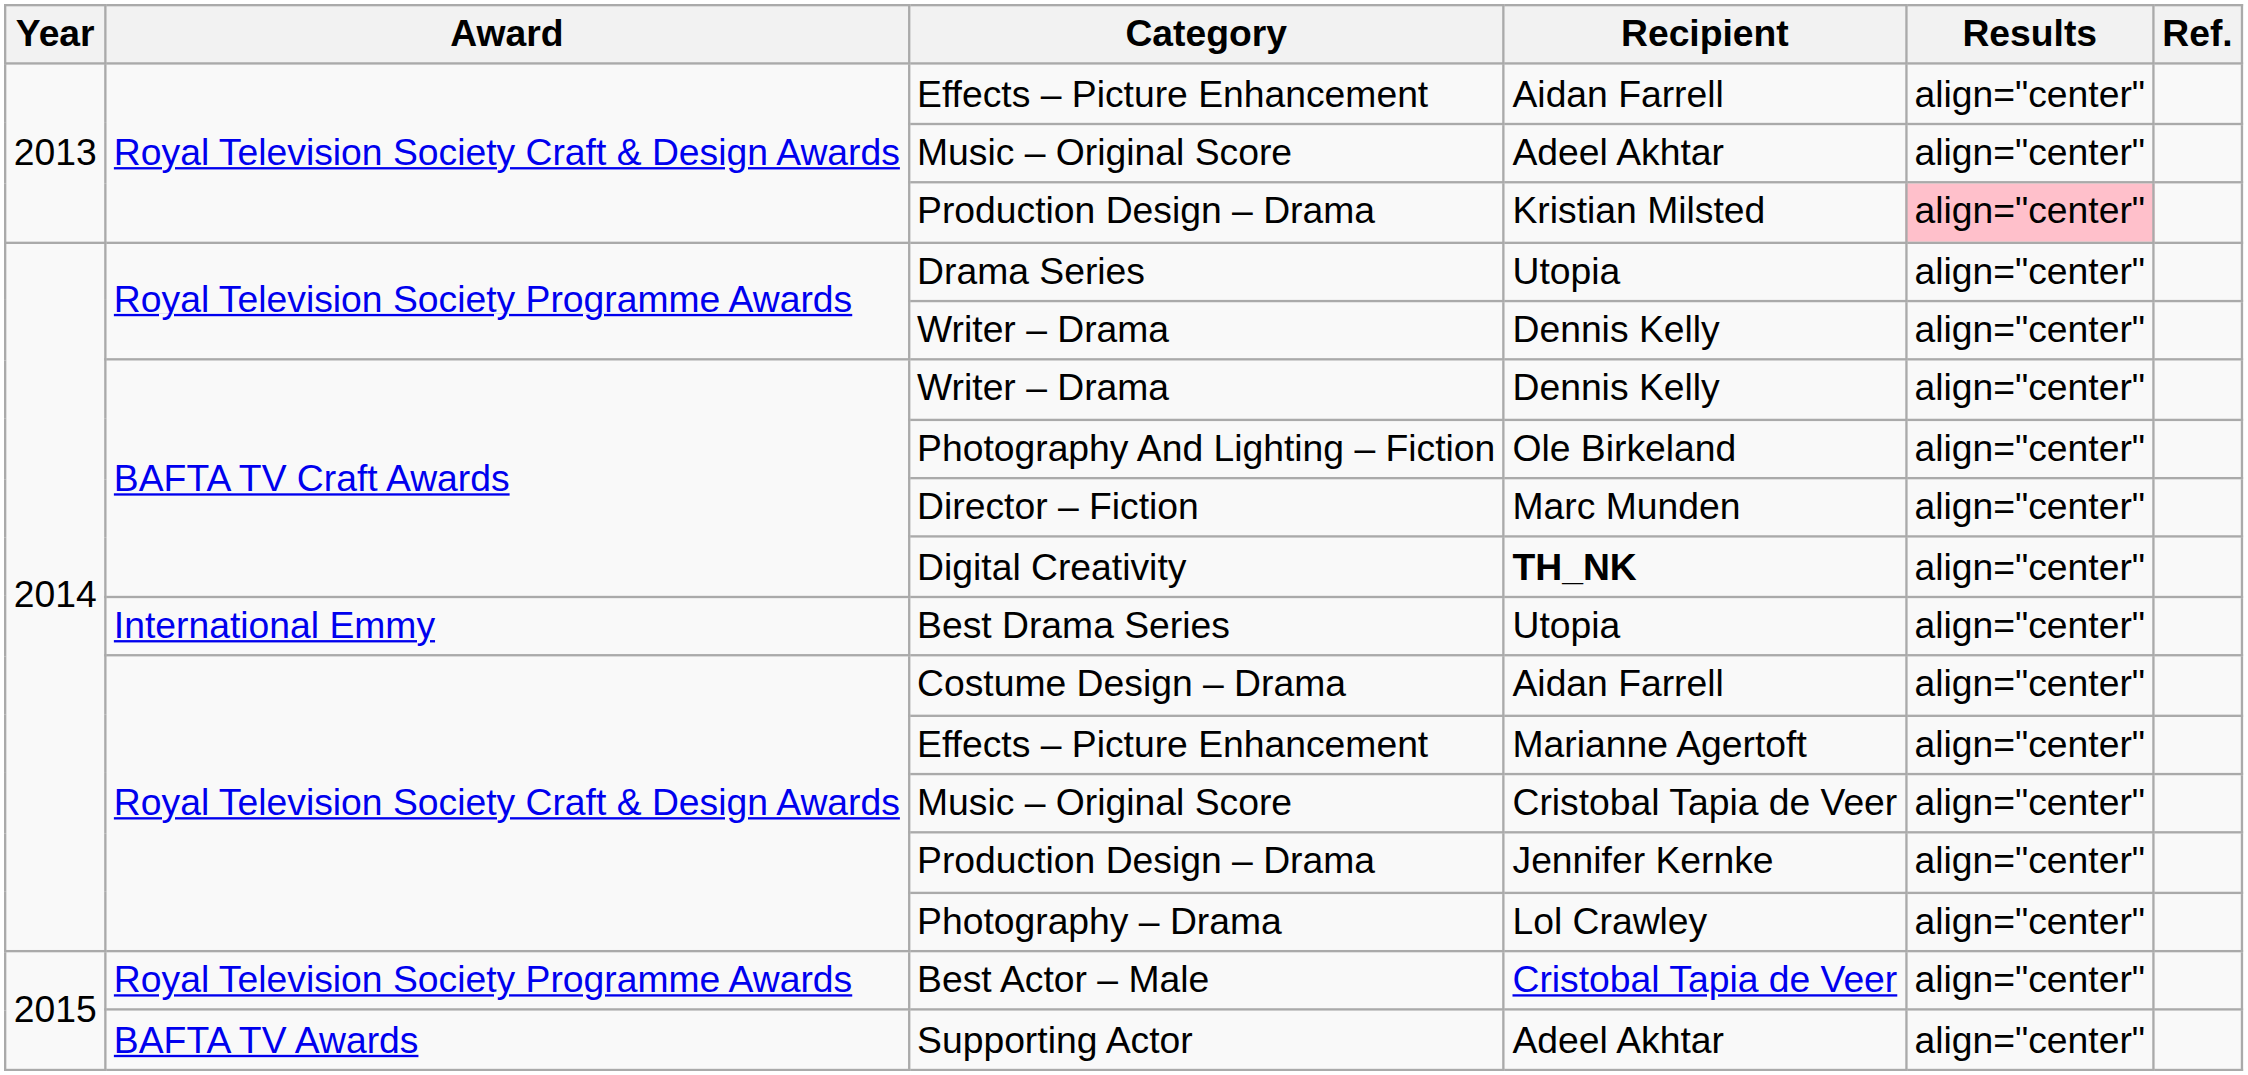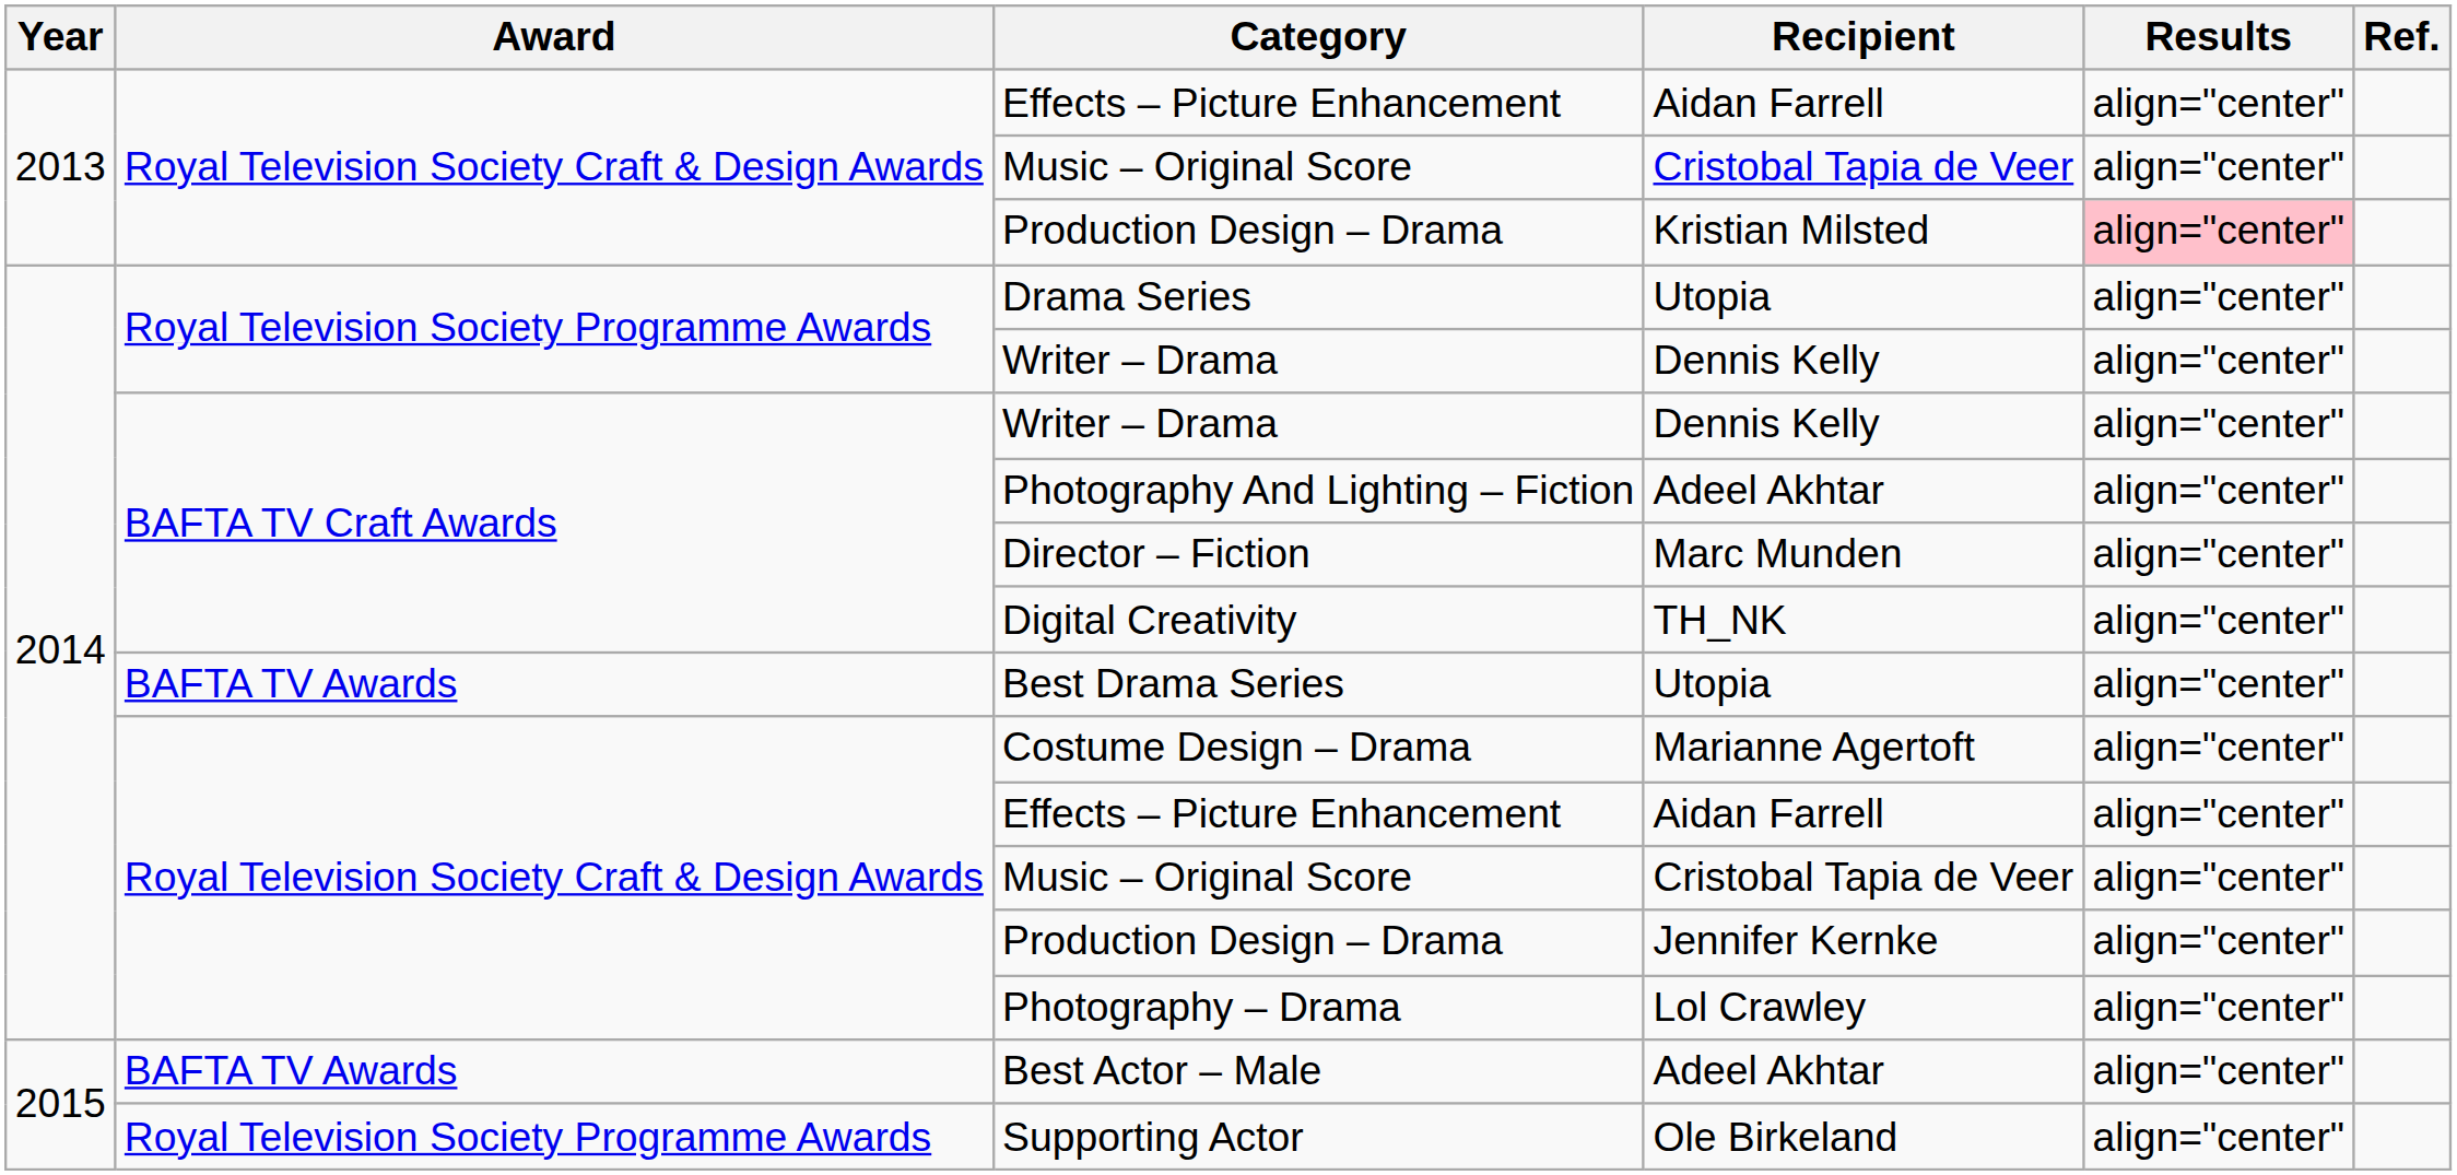 <table class="wikitable">
 <tr>
 <th>Year</th>
 <th>Award</th>
 <th>Category</th>
 <th>Recipient</th>
 <th>Results</th>
 <th>Ref.</th>
 </tr>
 <tr>
 <td rowspan="3">2013</td>
 <td rowspan="3"><a href='#'>Royal Television Society Craft & Design Awards</a></td>
 <td>Effects – Picture Enhancement</td>
 <td>Aidan Farrell</td>
 <td>align="center" </td>
 <td style="text-align:center;"></td>
 </tr>
 <tr>
 <td>Music – Original Score</td>
-<td>Adeel Akhtar</td>
+<td><a href='#'>Cristobal Tapia de Veer</a></td>
 <td>align="center" </td>
 <td style="text-align:center;"></td>
 </tr>
 <tr>
 <td>Production Design – Drama</td>
 <td>Kristian Milsted</td>
 <td style="background: pink;">align="center" </td>
 <td style="text-align:center;"></td>
 </tr>
 <tr>
 <td rowspan="12">2014</td>
 <td rowspan="2"><a href='#'>Royal Television Society Programme Awards</a></td>
 <td>Drama Series</td>
 <td>Utopia</td>
 <td>align="center" </td>
 <td style="text-align:center;"></td>
 </tr>
 <tr>
 <td>Writer – Drama</td>
 <td>Dennis Kelly</td>
 <td>align="center" </td>
 <td style="text-align:center;"></td>
 </tr>
 <tr>
 <td rowspan="4"><a href='#'>BAFTA TV Craft Awards</a></td>
 <td>Writer – Drama</td>
 <td>Dennis Kelly</td>
 <td>align="center" </td>
 <td style="text-align:center;"></td>
 </tr>
 <tr>
 <td>Photography And Lighting – Fiction</td>
-<td>Ole Birkeland</td>
+<td>Adeel Akhtar</td>
 <td>align="center" </td>
 <td style="text-align:center;"></td>
 </tr>
 <tr>
 <td>Director – Fiction</td>
 <td>Marc Munden</td>
 <td>align="center" </td>
 <td style="text-align:center;"></td>
 </tr>
 <tr>
 <td>Digital Creativity</td>
-<td><strong>TH_NK</strong></td>
+<td>TH_NK</td>
 <td>align="center" </td>
 <td style="text-align:center;"></td>
 </tr>
 <tr>
-<td><a href='#'>International Emmy</a></td>
+<td><a href='#'>BAFTA TV Awards</a></td>
 <td>Best Drama Series</td>
 <td>Utopia</td>
 <td>align="center" </td>
 <td style="text-align:center;"></td>
 </tr>
 <tr>
 <td rowspan="5"><a href='#'>Royal Television Society Craft & Design Awards</a></td>
 <td>Costume Design – Drama</td>
-<td>Aidan Farrell</td>
+<td>Marianne Agertoft</td>
 <td>align="center" </td>
 <td style="text-align:center;"></td>
 </tr>
 <tr>
 <td>Effects – Picture Enhancement</td>
-<td>Marianne Agertoft</td>
+<td>Aidan Farrell</td>
 <td>align="center" </td>
 <td style="text-align:center;"></td>
 </tr>
 <tr>
 <td>Music – Original Score</td>
 <td>Cristobal Tapia de Veer</td>
 <td>align="center" </td>
 <td style="text-align:center;"></td>
 </tr>
 <tr>
 <td>Production Design – Drama</td>
 <td>Jennifer Kernke</td>
 <td>align="center" </td>
 <td style="text-align:center;"></td>
 </tr>
 <tr>
 <td>Photography – Drama</td>
 <td>Lol Crawley</td>
 <td>align="center" </td>
 <td style="text-align:center;"></td>
 </tr>
 <tr>
 <td rowspan="2">2015</td>
-<td><a href='#'>Royal Television Society Programme Awards</a></td>
+<td><a href='#'>BAFTA TV Awards</a></td>
 <td>Best Actor – Male</td>
-<td><a href='#'>Cristobal Tapia de Veer</a></td>
+<td>Adeel Akhtar</td>
 <td>align="center" </td>
 <td style="text-align:center;"></td>
 </tr>
 <tr>
-<td><a href='#'>BAFTA TV Awards</a></td>
+<td><a href='#'>Royal Television Society Programme Awards</a></td>
 <td>Supporting Actor</td>
-<td>Adeel Akhtar</td>
+<td>Ole Birkeland</td>
 <td>align="center" </td>
 <td style="text-align:center;"></td>
 </tr>
 </table>
